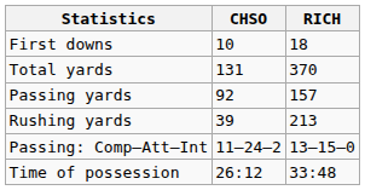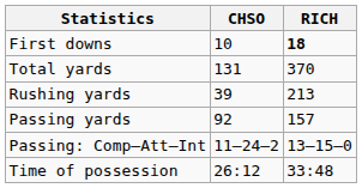 <table class="wikitable" style="float: left;">
 <tr>
 <th>Statistics</th>
 <th>CHSO</th>
 <th>RICH</th>
 </tr>
 <tr>
 <td>First downs</td>
 <td>10</td>
-<td>18</td>
+<td><strong>18</strong></td>
 </tr>
 <tr>
 <td>Total yards</td>
 <td>131</td>
 <td>370</td>
 </tr>
 <tr>
+<td>Rushing yards</td>
+<td>39</td>
+<td>213</td>
+</tr>
+<tr>
 <td>Passing yards</td>
 <td>92</td>
 <td>157</td>
-</tr>
-<tr>
-<td>Rushing yards</td>
-<td>39</td>
-<td>213</td>
 </tr>
 <tr>
 <td>Passing: Comp–Att–Int</td>
 <td>11–24–2</td>
 <td>13–15–0</td>
 </tr>
 <tr>
 <td>Time of possession</td>
 <td>26:12</td>
 <td>33:48</td>
 </tr>
 <tr>
 </tr>
 </table>
